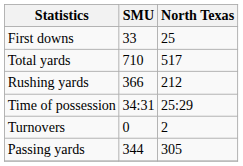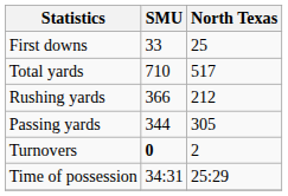 <table class="wikitable">
 <tr>
 <th>Statistics</th>
 <th>SMU</th>
 <th>North Texas</th>
 </tr>
 <tr>
 <td>First downs</td>
 <td>33</td>
 <td>25</td>
 </tr>
 <tr>
 <td>Total yards</td>
 <td>710</td>
 <td>517</td>
 </tr>
 <tr>
 <td>Rushing yards</td>
 <td>366</td>
 <td>212</td>
 </tr>
 <tr>
+<td>Passing yards</td>
+<td>344</td>
+<td>305</td>
+</tr>
+<tr>
+<td>Turnovers</td>
+<td><strong>0</strong></td>
+<td>2</td>
+</tr>
+<tr>
 <td>Time of possession</td>
 <td>34:31</td>
 <td>25:29</td>
 </tr>
 <tr>
-<td>Turnovers</td>
-<td>0</td>
-<td>2</td>
-</tr>
-<tr>
-<td>Passing yards</td>
-<td>344</td>
-<td>305</td>
-</tr>
-<tr>
 </tr>
 </table>
